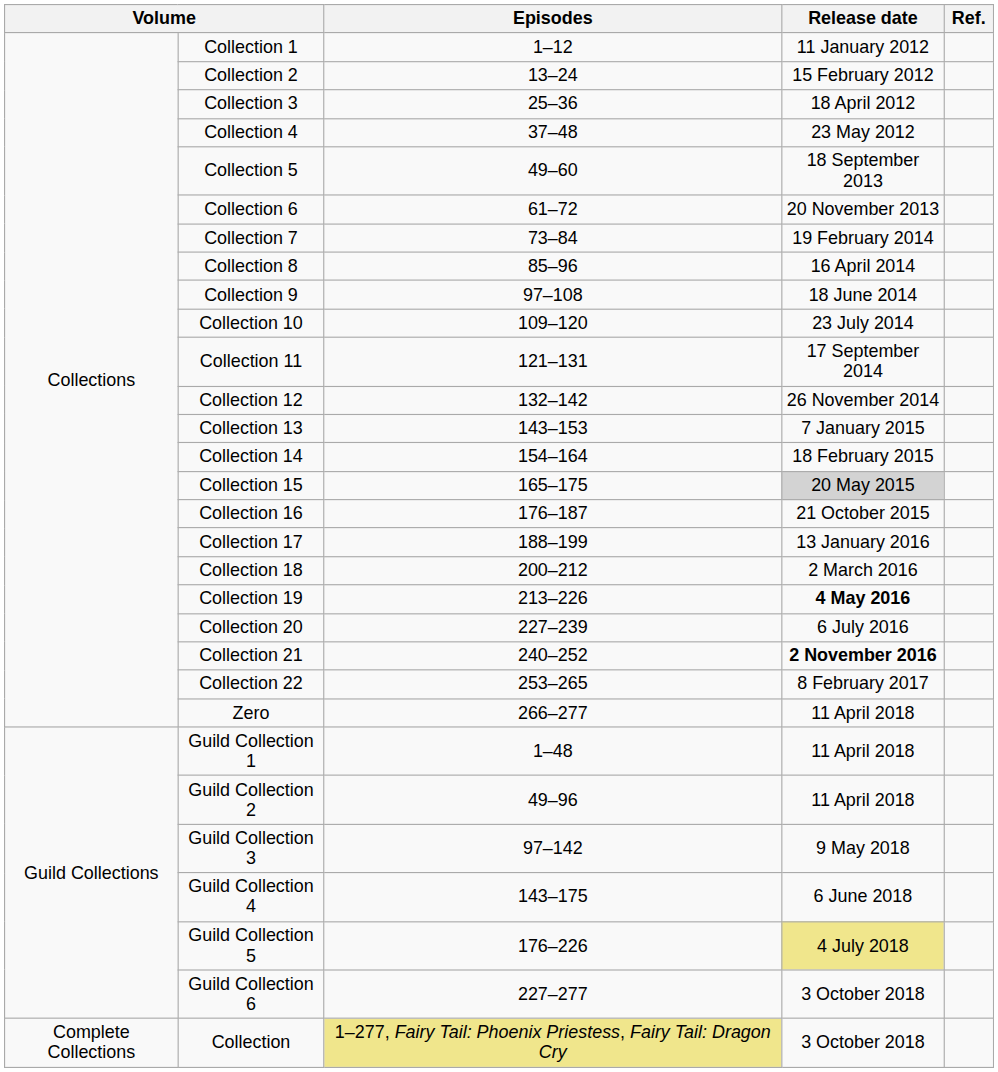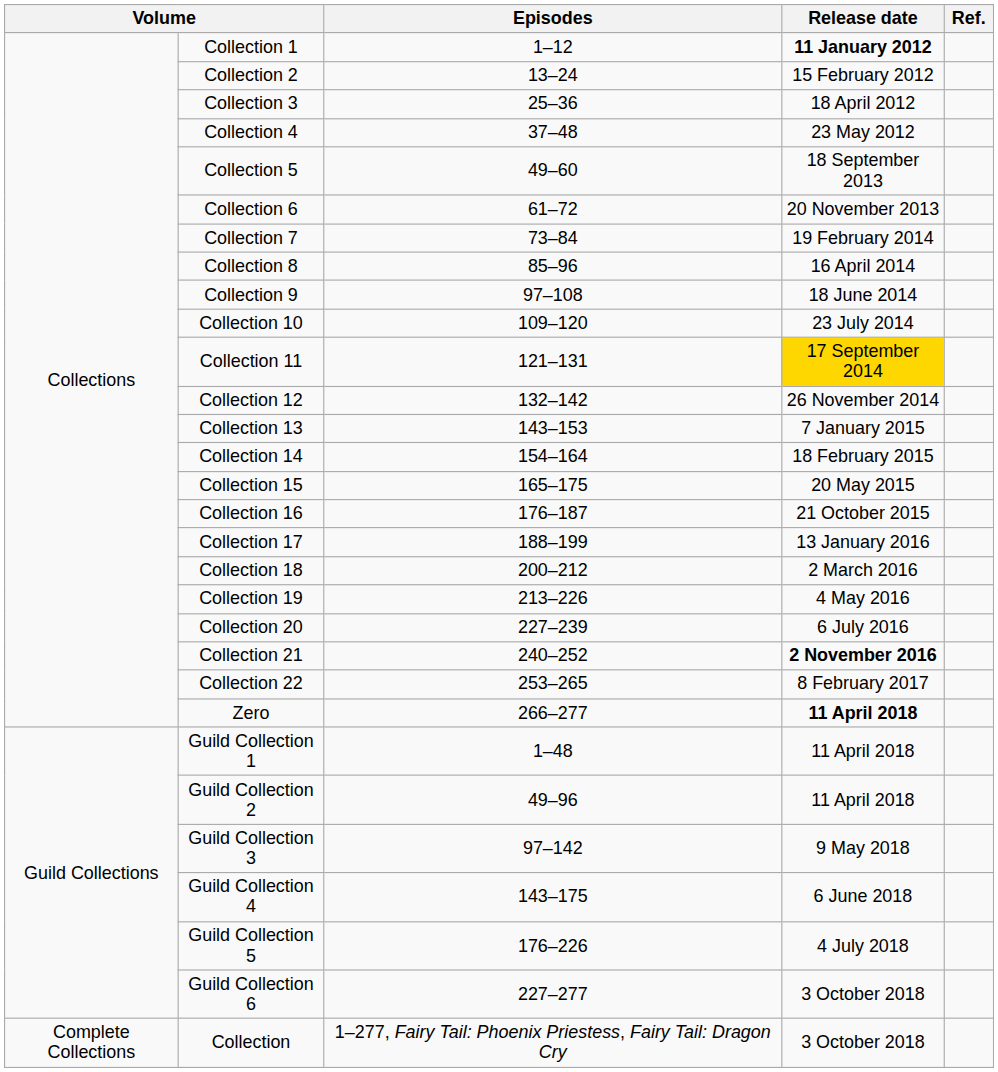 <table class="wikitable" style="text-align: center; width: 100%;">
 <tr>
 <th colspan="2">Volume</th>
 <th>Episodes</th>
 <th>Release date</th>
 <th width="5%">Ref.</th>
 </tr>
 <tr>
 <td rowspan="23">Collections</td>
 <td>Collection 1</td>
 <td>1–12</td>
-<td>11 January 2012</td>
+<td><strong>11 January 2012</strong></td>
 <td></td>
 </tr>
 <tr>
 <td>Collection 2</td>
 <td>13–24</td>
 <td>15 February 2012</td>
 <td></td>
 </tr>
 <tr>
 <td>Collection 3</td>
 <td>25–36</td>
 <td>18 April 2012</td>
 <td></td>
 </tr>
 <tr>
 <td>Collection 4</td>
 <td>37–48</td>
 <td>23 May 2012</td>
 <td></td>
 </tr>
 <tr>
 <td>Collection 5</td>
 <td>49–60</td>
 <td>18 September 2013</td>
 <td></td>
 </tr>
 <tr>
 <td>Collection 6</td>
 <td>61–72</td>
 <td>20 November 2013</td>
 <td></td>
 </tr>
 <tr>
 <td>Collection 7</td>
 <td>73–84</td>
 <td>19 February 2014</td>
 <td></td>
 </tr>
 <tr>
 <td>Collection 8</td>
 <td>85–96</td>
 <td>16 April 2014</td>
 <td></td>
 </tr>
 <tr>
 <td>Collection 9</td>
 <td>97–108</td>
 <td>18 June 2014</td>
 <td></td>
 </tr>
 <tr>
 <td>Collection 10</td>
 <td>109–120</td>
 <td>23 July 2014</td>
 <td></td>
 </tr>
 <tr>
 <td>Collection 11</td>
 <td>121–131</td>
-<td>17 September 2014</td>
+<td style="background: gold;">17 September 2014</td>
 <td></td>
 </tr>
 <tr>
 <td>Collection 12</td>
 <td>132–142</td>
 <td>26 November 2014</td>
 <td></td>
 </tr>
 <tr>
 <td>Collection 13</td>
 <td>143–153</td>
 <td>7 January 2015</td>
 <td></td>
 </tr>
 <tr>
 <td>Collection 14</td>
 <td>154–164</td>
 <td>18 February 2015</td>
 <td></td>
 </tr>
 <tr>
 <td>Collection 15</td>
 <td>165–175</td>
-<td style="background: lightgrey;">20 May 2015</td>
+<td>20 May 2015</td>
 <td></td>
 </tr>
 <tr>
 <td>Collection 16</td>
 <td>176–187</td>
 <td>21 October 2015</td>
 <td></td>
 </tr>
 <tr>
 <td>Collection 17</td>
 <td>188–199</td>
 <td>13 January 2016</td>
 <td></td>
 </tr>
 <tr>
 <td>Collection 18</td>
 <td>200–212</td>
 <td>2 March 2016</td>
 <td></td>
 </tr>
 <tr>
 <td>Collection 19</td>
 <td>213–226</td>
-<td><strong>4 May 2016</strong></td>
+<td>4 May 2016</td>
 <td></td>
 </tr>
 <tr>
 <td>Collection 20</td>
 <td>227–239</td>
 <td>6 July 2016</td>
 <td></td>
 </tr>
 <tr>
 <td>Collection 21</td>
 <td>240–252</td>
 <td><strong>2 November 2016</strong></td>
 <td></td>
 </tr>
 <tr>
 <td>Collection 22</td>
 <td>253–265</td>
 <td>8 February 2017</td>
 <td></td>
 </tr>
 <tr>
 <td>Zero</td>
 <td>266–277</td>
-<td>11 April 2018</td>
+<td><strong>11 April 2018</strong></td>
 <td></td>
 </tr>
 <tr>
 <td rowspan="6">Guild Collections</td>
 <td>Guild Collection 1</td>
 <td>1–48</td>
 <td>11 April 2018</td>
 <td></td>
 </tr>
 <tr>
 <td>Guild Collection 2</td>
 <td>49–96</td>
 <td>11 April 2018</td>
 <td></td>
 </tr>
 <tr>
 <td>Guild Collection 3</td>
 <td>97–142</td>
 <td>9 May 2018</td>
 <td></td>
 </tr>
 <tr>
 <td>Guild Collection 4</td>
 <td>143–175</td>
 <td>6 June 2018</td>
 <td></td>
 </tr>
 <tr>
 <td>Guild Collection 5</td>
 <td>176–226</td>
-<td style="background: khaki;">4 July 2018</td>
+<td>4 July 2018</td>
 <td></td>
 </tr>
 <tr>
 <td>Guild Collection 6</td>
 <td>227–277</td>
 <td>3 October 2018</td>
 <td></td>
 </tr>
 <tr>
 <td>Complete Collections</td>
 <td>Collection</td>
-<td style="background: khaki;">1–277, <em>Fairy Tail: Phoenix Priestess</em>, <em>Fairy Tail: Dragon Cry</em></td>
+<td>1–277, <em>Fairy Tail: Phoenix Priestess</em>, <em>Fairy Tail: Dragon Cry</em></td>
 <td>3 October 2018</td>
 <td></td>
 </tr>
 </table>
